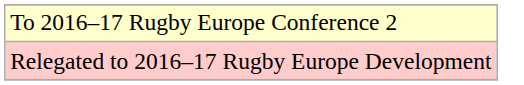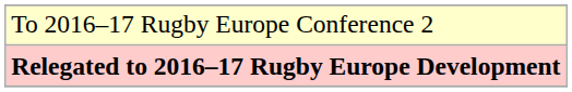 <table class="wikitable">
 <tr>
 </tr>
 <tr width=10px bgcolor="#ffffcc">
 <td>To 2016–17 Rugby Europe Conference 2</td>
 </tr>
 <tr width=10px bgcolor="#ffcccc">
-<td>Relegated to 2016–17 Rugby Europe Development</td>
+<td><strong>Relegated to 2016–17 Rugby Europe Development</strong></td>
 </tr>
 <tr>
 </tr>
 </table>
